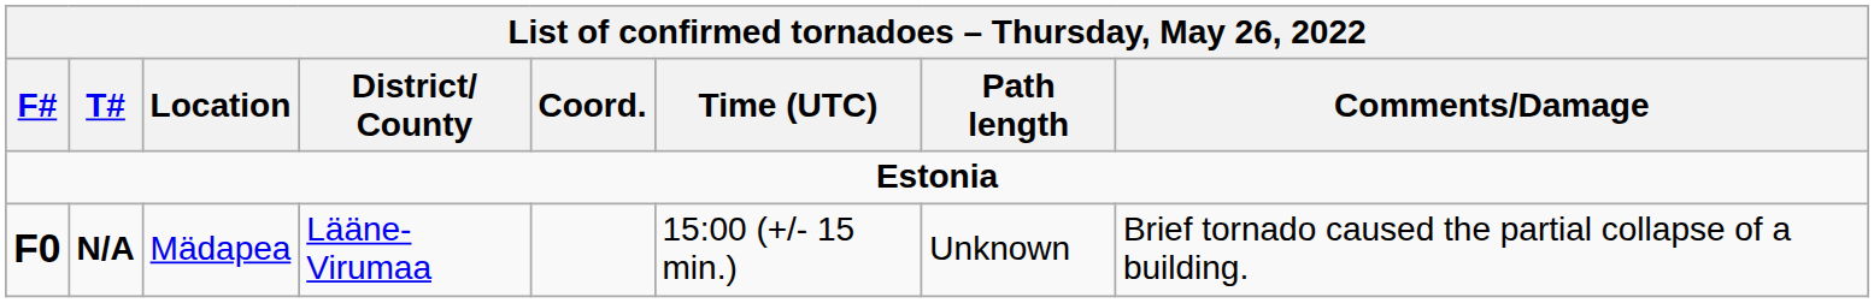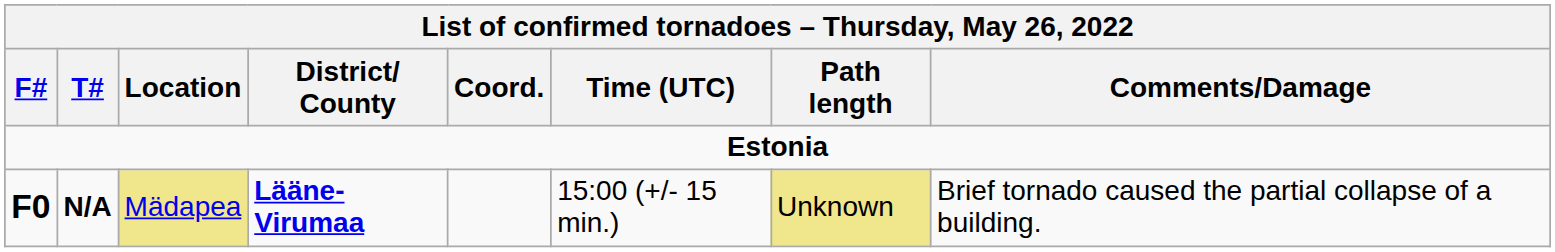 <table class="wikitable collapsible" width="100%">
 <tr>
 <th colspan="8">List of confirmed tornadoes – Thursday, May 26, 2022</th>
 </tr>
 <tr>
 <th><a href='#'>F#</a></th>
 <th><a href='#'>T#</a></th>
 <th>Location</th>
 <th>District/<br>County</th>
 <th>Coord.</th>
 <th>Time (UTC)</th>
 <th>Path length</th>
 <th>Comments/Damage</th>
 </tr>
 <tr>
 <td colspan="8" align=center><strong>Estonia</strong></td>
 </tr>
 <tr>
 <td><big><strong>F0</strong></big></td>
 <td><strong>N/A</strong></td>
-<td><a href='#'>Mädapea</a></td>
-<td><a href='#'>Lääne-Virumaa</a></td>
+<td style="background: khaki;"><a href='#'>Mädapea</a></td>
+<td><strong><a href='#'>Lääne-Virumaa</a></strong></td>
 <td></td>
 <td>15:00 (+/- 15 min.)</td>
-<td>Unknown</td>
+<td style="background: khaki;">Unknown</td>
 <td>Brief tornado caused the partial collapse of a building.</td>
 </tr>
 </table>
